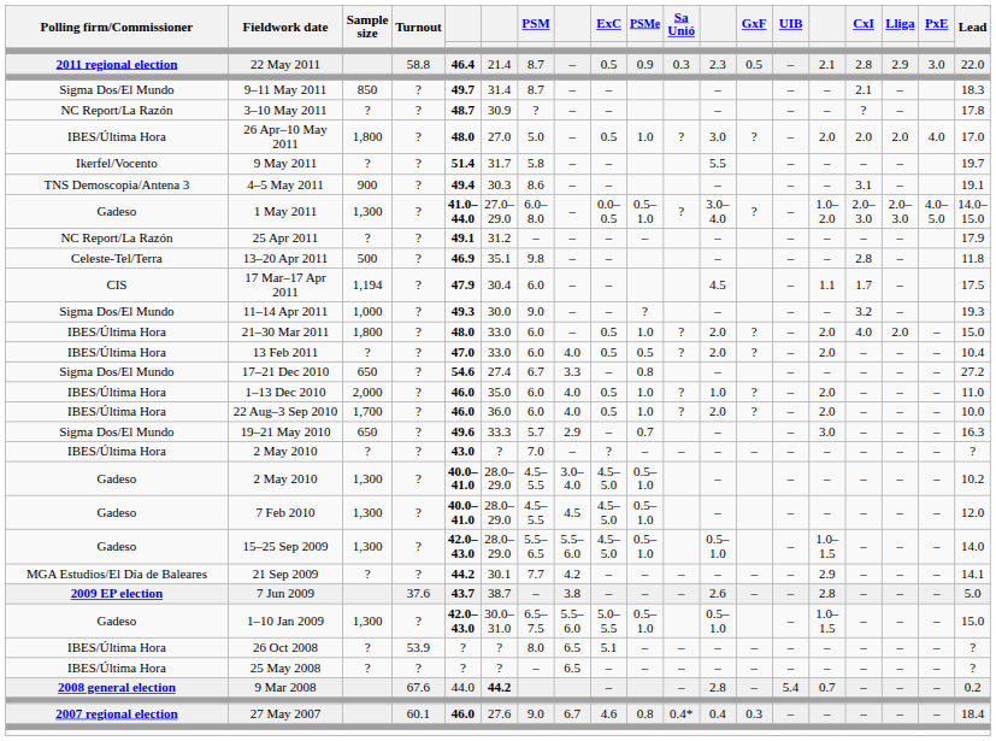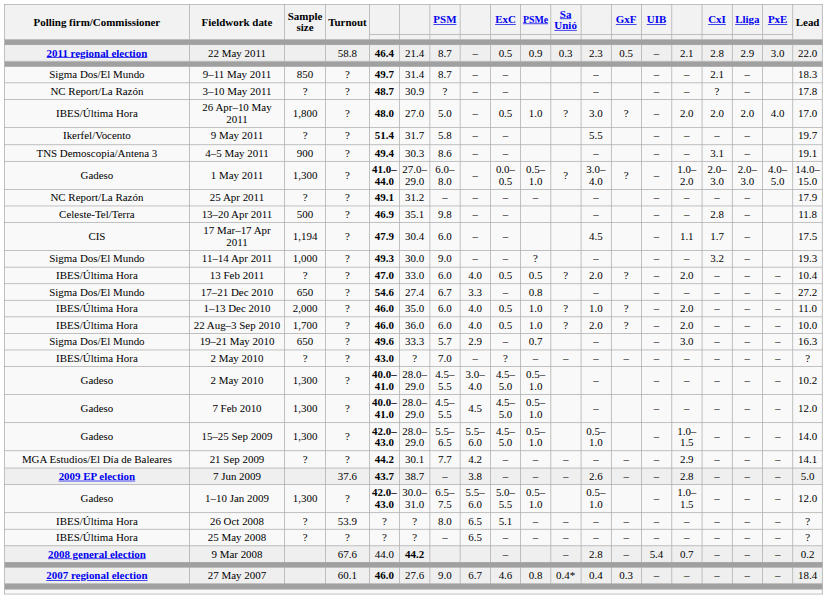 <table class="wikitable collapsible collapsed" style="text-align:center; font-size:95%; line-height:16px;">
 <tr style="height:42px;">
 <th style="width:250px;" rowspan="2">Polling firm/Commissioner</th>
 <th style="width:125px;" rowspan="2">Fieldwork date</th>
 <th style="width:50px;" rowspan="2">Sample size</th>
 <th style="width:45px;" rowspan="2">Turnout</th>
 <th style="width:35px;"></th>
 <th style="width:35px;"></th>
 <th style="width:35px;"><a href='#'>PSM</a></th>
 <th style="width:35px;"></th>
 <th style="width:35px;"><a href='#'>ExC</a></th>
 <th style="width:35px; font-size:90%;"><a href='#'>PSMe</a></th>
 <th style="width:35px;"><a href='#'>Sa<br>Unió</a></th>
 <th style="width:35px;"></th>
 <th style="width:35px;"><a href='#'>GxF</a></th>
 <th style="width:35px;"><a href='#'>UIB</a></th>
 <th style="width:35px;"></th>
 <th style="width:35px;"><a href='#'>CxI</a></th>
 <th style="width:35px;"><a href='#'>Lliga</a></th>
 <th style="width:35px;"><a href='#'>PxE</a></th>
 <th style="width:30px;" rowspan="2">Lead</th>
 </tr>
 <tr>
 <th style="color:inherit;background:"></th>
 <th style="color:inherit;background:"></th>
 <th style="color:inherit;background:"></th>
 <th style="color:inherit;background:"></th>
 <th style="color:inherit;background:"></th>
 <th style="color:inherit;background:"></th>
 <th style="color:inherit;background:"></th>
 <th style="color:inherit;background:"></th>
 <th style="color:inherit;background:"></th>
 <th style="color:inherit;background:"></th>
 <th style="color:inherit;background:"></th>
 <th style="color:inherit;background:"></th>
 <th style="color:inherit;background:"></th>
 <th style="color:inherit;background:"></th>
 </tr>
 <tr>
 <td colspan="19" style="background:#A0A0A0"></td>
 </tr>
 <tr style="background:#EFEFEF;">
 <td><strong><a href='#'>2011 regional election</a></strong></td>
 <td>22 May 2011</td>
 <td></td>
 <td>58.8</td>
 <td><strong>46.4</strong><br></td>
 <td>21.4<br></td>
 <td>8.7<br></td>
 <td>–</td>
 <td>0.5<br></td>
 <td>0.9<br></td>
 <td>0.3<br></td>
 <td>2.3<br></td>
 <td>0.5<br></td>
 <td>–</td>
 <td>2.1<br></td>
 <td>2.8<br></td>
 <td>2.9<br></td>
 <td>3.0<br></td>
 <td style="background:">22.0</td>
 </tr>
 <tr>
 <td colspan="19" style="background:#A0A0A0"></td>
 </tr>
 <tr>
 <td>Sigma Dos/El Mundo</td>
 <td>9–11 May 2011</td>
 <td>850</td>
 <td>?</td>
 <td><strong>49.7</strong><br></td>
 <td>31.4<br></td>
 <td>8.7<br></td>
 <td>–</td>
 <td>–</td>
 <td></td>
 <td></td>
 <td>–</td>
 <td></td>
 <td>–</td>
 <td>–</td>
 <td>2.1<br></td>
 <td>–</td>
 <td></td>
 <td style="background:">18.3</td>
 </tr>
 <tr>
 <td>NC Report/La Razón</td>
 <td>3–10 May 2011</td>
 <td>?</td>
 <td>?</td>
 <td><strong>48.7</strong><br></td>
 <td>30.9<br></td>
 <td>?<br></td>
 <td>–</td>
 <td>–</td>
 <td></td>
 <td></td>
 <td>–</td>
 <td></td>
 <td>–</td>
 <td>–</td>
 <td>?<br></td>
 <td>–</td>
 <td></td>
 <td style="background:">17.8</td>
 </tr>
 <tr>
 <td>IBES/Última Hora</td>
 <td>26 Apr–10 May 2011</td>
 <td>1,800</td>
 <td>?</td>
 <td><strong>48.0</strong><br></td>
 <td>27.0<br></td>
 <td>5.0<br></td>
 <td>–</td>
 <td>0.5<br></td>
 <td>1.0<br></td>
 <td>?<br></td>
 <td>3.0<br></td>
 <td>?<br></td>
 <td>–</td>
 <td>2.0<br></td>
 <td>2.0<br></td>
 <td>2.0<br></td>
 <td>4.0<br></td>
 <td style="background:">17.0</td>
 </tr>
 <tr>
 <td>Ikerfel/Vocento</td>
 <td>9 May 2011</td>
 <td>?</td>
 <td>?</td>
 <td><strong>51.4</strong><br></td>
 <td>31.7<br></td>
 <td>5.8<br></td>
 <td>–</td>
 <td>–</td>
 <td></td>
 <td></td>
 <td>5.5<br></td>
 <td></td>
 <td>–</td>
 <td>–</td>
 <td>–</td>
 <td>–</td>
 <td></td>
 <td style="background:">19.7</td>
 </tr>
 <tr>
 <td>TNS Demoscopia/Antena 3</td>
 <td>4–5 May 2011</td>
 <td>900</td>
 <td>?</td>
 <td><strong>49.4</strong><br></td>
 <td>30.3<br></td>
 <td>8.6<br></td>
 <td>–</td>
 <td>–</td>
 <td></td>
 <td></td>
 <td>–</td>
 <td></td>
 <td>–</td>
 <td>–</td>
 <td>3.1<br></td>
 <td>–</td>
 <td></td>
 <td style="background:">19.1</td>
 </tr>
 <tr>
 <td>Gadeso</td>
 <td>1 May 2011</td>
 <td>1,300</td>
 <td>?</td>
 <td><strong>41.0–<br>44.0</strong><br></td>
 <td>27.0–<br>29.0<br></td>
 <td>6.0–<br>8.0<br></td>
 <td>–</td>
 <td>0.0–<br>0.5<br></td>
 <td>0.5–<br>1.0<br></td>
 <td>?<br></td>
 <td>3.0–<br>4.0<br></td>
 <td>?<br></td>
 <td>–</td>
 <td>1.0–<br>2.0<br></td>
 <td>2.0–<br>3.0<br></td>
 <td>2.0–<br>3.0<br></td>
 <td>4.0–<br>5.0<br></td>
 <td style="background:">14.0–<br>15.0</td>
 </tr>
 <tr>
 <td>NC Report/La Razón</td>
 <td>25 Apr 2011</td>
 <td>?</td>
 <td>?</td>
 <td><strong>49.1</strong><br></td>
 <td>31.2<br></td>
 <td>–</td>
 <td>–</td>
 <td>–</td>
 <td>–</td>
 <td></td>
 <td>–</td>
 <td></td>
 <td>–</td>
 <td>–</td>
 <td>–</td>
 <td>–</td>
 <td></td>
 <td style="background:">17.9</td>
 </tr>
 <tr>
 <td>Celeste-Tel/Terra</td>
 <td>13–20 Apr 2011</td>
 <td>500</td>
 <td>?</td>
 <td><strong>46.9</strong><br></td>
 <td>35.1<br></td>
 <td>9.8<br></td>
 <td>–</td>
 <td>–</td>
 <td></td>
 <td></td>
 <td>–</td>
 <td></td>
 <td>–</td>
 <td>–</td>
 <td>2.8<br></td>
 <td>–</td>
 <td></td>
 <td style="background:">11.8</td>
 </tr>
 <tr>
 <td>CIS</td>
 <td>17 Mar–17 Apr 2011</td>
 <td>1,194</td>
 <td>?</td>
 <td><strong>47.9</strong><br></td>
 <td>30.4<br></td>
 <td>6.0<br></td>
 <td>–</td>
 <td>–</td>
 <td></td>
 <td></td>
 <td>4.5<br></td>
 <td></td>
 <td>–</td>
 <td>1.1<br></td>
 <td>1.7<br></td>
 <td>–</td>
 <td></td>
 <td style="background:">17.5</td>
 </tr>
 <tr>
 <td>Sigma Dos/El Mundo</td>
 <td>11–14 Apr 2011</td>
 <td>1,000</td>
 <td>?</td>
 <td><strong>49.3</strong><br></td>
 <td>30.0<br></td>
 <td>9.0<br></td>
 <td>–</td>
 <td>–</td>
 <td>?<br></td>
 <td></td>
 <td>–</td>
 <td></td>
 <td>–</td>
 <td>–</td>
 <td>3.2<br></td>
 <td>–</td>
 <td></td>
 <td style="background:">19.3</td>
 </tr>
 <tr>
 <td>IBES/Última Hora</td>
-<td>21–30 Mar 2011</td>
-<td>1,800</td>
-<td>?</td>
-<td><strong>48.0</strong><br></td>
-<td>33.0<br></td>
-<td>6.0<br></td>
-<td>–</td>
-<td>0.5<br></td>
-<td>1.0<br></td>
-<td>?<br></td>
-<td>2.0<br></td>
-<td>?<br></td>
-<td>–</td>
-<td>2.0<br></td>
-<td>4.0<br></td>
-<td>2.0<br></td>
-<td>–</td>
-<td style="background:">15.0</td>
-</tr>
-<tr>
-<td>IBES/Última Hora</td>
 <td>13 Feb 2011</td>
 <td>?</td>
 <td>?</td>
 <td><strong>47.0</strong><br></td>
 <td>33.0<br></td>
 <td>6.0<br></td>
 <td>4.0<br></td>
 <td>0.5<br></td>
 <td>0.5<br></td>
 <td>?<br></td>
 <td>2.0<br></td>
 <td>?<br></td>
 <td>–</td>
 <td>2.0<br></td>
 <td>–</td>
 <td>–</td>
 <td>–</td>
 <td style="background:">10.4</td>
 </tr>
 <tr>
 <td>Sigma Dos/El Mundo</td>
 <td>17–21 Dec 2010</td>
 <td>650</td>
 <td>?</td>
 <td><strong>54.6</strong><br></td>
 <td>27.4<br></td>
 <td>6.7<br></td>
 <td>3.3<br></td>
 <td>–</td>
 <td>0.8<br></td>
 <td></td>
 <td>–</td>
 <td></td>
 <td>–</td>
 <td>–</td>
 <td>–</td>
 <td>–</td>
 <td>–</td>
 <td style="background:">27.2</td>
 </tr>
 <tr>
 <td>IBES/Última Hora</td>
 <td>1–13 Dec 2010</td>
 <td>2,000</td>
 <td>?</td>
 <td><strong>46.0</strong><br></td>
 <td>35.0<br></td>
 <td>6.0<br></td>
 <td>4.0<br></td>
 <td>0.5<br></td>
 <td>1.0<br></td>
 <td>?<br></td>
 <td>1.0<br></td>
 <td>?<br></td>
 <td>–</td>
 <td>2.0<br></td>
 <td>–</td>
 <td>–</td>
 <td>–</td>
 <td style="background:">11.0</td>
 </tr>
 <tr>
 <td>IBES/Última Hora</td>
 <td>22 Aug–3 Sep 2010</td>
 <td>1,700</td>
 <td>?</td>
 <td><strong>46.0</strong><br></td>
 <td>36.0<br></td>
 <td>6.0<br></td>
 <td>4.0<br></td>
 <td>0.5<br></td>
 <td>1.0<br></td>
 <td>?<br></td>
 <td>2.0<br></td>
 <td>?<br></td>
 <td>–</td>
 <td>2.0<br></td>
 <td>–</td>
 <td>–</td>
 <td>–</td>
 <td style="background:">10.0</td>
 </tr>
 <tr>
 <td>Sigma Dos/El Mundo</td>
 <td>19–21 May 2010</td>
 <td>650</td>
 <td>?</td>
 <td><strong>49.6</strong><br></td>
 <td>33.3<br></td>
 <td>5.7<br></td>
 <td>2.9<br></td>
 <td>–</td>
 <td>0.7<br></td>
 <td></td>
 <td>–</td>
 <td></td>
 <td>–</td>
 <td>3.0<br></td>
 <td>–</td>
 <td>–</td>
 <td>–</td>
 <td style="background:">16.3</td>
 </tr>
 <tr>
 <td>IBES/Última Hora</td>
 <td>2 May 2010</td>
 <td>?</td>
 <td>?</td>
 <td><strong>43.0</strong><br></td>
 <td>?<br></td>
 <td>7.0<br></td>
 <td>–</td>
 <td>?<br></td>
 <td>–</td>
 <td>–</td>
 <td>–</td>
 <td>–</td>
 <td>–</td>
 <td>–</td>
 <td>–</td>
 <td>–</td>
 <td>–</td>
 <td style="background:">?</td>
 </tr>
 <tr>
 <td>Gadeso</td>
 <td>2 May 2010</td>
 <td>1,300</td>
 <td>?</td>
 <td><strong>40.0–<br>41.0</strong><br></td>
 <td>28.0–<br>29.0<br></td>
 <td>4.5–<br>5.5<br></td>
 <td>3.0–<br>4.0<br></td>
 <td>4.5–<br>5.0<br></td>
 <td>0.5–<br>1.0<br></td>
 <td></td>
 <td>–</td>
 <td></td>
 <td>–</td>
 <td>–</td>
 <td>–</td>
 <td>–</td>
 <td>–</td>
 <td style="background:">10.2</td>
 </tr>
 <tr>
 <td>Gadeso</td>
 <td>7 Feb 2010</td>
 <td>1,300</td>
 <td>?</td>
 <td><strong>40.0–<br>41.0</strong><br></td>
 <td>28.0–<br>29.0<br></td>
 <td>4.5–<br>5.5<br></td>
 <td>4.5<br></td>
 <td>4.5–<br>5.0<br></td>
 <td>0.5–<br>1.0<br></td>
 <td></td>
 <td>–</td>
 <td></td>
 <td>–</td>
 <td>–</td>
 <td>–</td>
 <td>–</td>
 <td>–</td>
 <td style="background:">12.0</td>
 </tr>
 <tr>
 <td>Gadeso</td>
 <td>15–25 Sep 2009</td>
 <td>1,300</td>
 <td>?</td>
 <td><strong>42.0–<br>43.0</strong><br></td>
 <td>28.0–<br>29.0<br></td>
 <td>5.5–<br>6.5<br></td>
 <td>5.5–<br>6.0<br></td>
 <td>4.5–<br>5.0<br></td>
 <td>0.5–<br>1.0<br></td>
 <td></td>
 <td>0.5–<br>1.0<br></td>
 <td></td>
 <td>–</td>
 <td>1.0–<br>1.5<br></td>
 <td>–</td>
 <td>–</td>
 <td>–</td>
 <td style="background:">14.0</td>
 </tr>
 <tr>
 <td>MGA Estudios/El Día de Baleares</td>
 <td>21 Sep 2009</td>
 <td>?</td>
 <td>?</td>
 <td><strong>44.2</strong></td>
 <td>30.1</td>
 <td>7.7</td>
 <td>4.2</td>
 <td>–</td>
 <td>–</td>
 <td>–</td>
 <td>–</td>
 <td>–</td>
 <td>–</td>
 <td>2.9</td>
 <td>–</td>
 <td>–</td>
 <td>–</td>
 <td style="background:">14.1</td>
 </tr>
 <tr style="background:#EFEFEF;">
 <td><strong><a href='#'>2009 EP election</a></strong></td>
 <td>7 Jun 2009</td>
 <td></td>
 <td>37.6</td>
 <td><strong>43.7</strong><br></td>
 <td>38.7<br></td>
 <td>–</td>
 <td>3.8<br></td>
 <td>–</td>
 <td>–</td>
 <td>–</td>
 <td>2.6<br></td>
 <td>–</td>
 <td>–</td>
 <td>2.8<br></td>
 <td>–</td>
 <td>–</td>
 <td>–</td>
 <td style="background:">5.0</td>
 </tr>
 <tr>
 <td>Gadeso</td>
 <td>1–10 Jan 2009</td>
 <td>1,300</td>
 <td>?</td>
 <td><strong>42.0–<br>43.0</strong><br></td>
 <td>30.0–<br>31.0<br></td>
 <td>6.5–<br>7.5<br></td>
 <td>5.5–<br>6.0<br></td>
 <td>5.0–<br>5.5<br></td>
 <td>0.5–<br>1.0<br></td>
 <td></td>
 <td>0.5–<br>1.0<br></td>
 <td></td>
 <td>–</td>
 <td>1.0–<br>1.5<br></td>
 <td>–</td>
 <td>–</td>
 <td>–</td>
-<td style="background:">15.0</td>
+<td style="background:">12.0</td>
 </tr>
 <tr>
 <td>IBES/Última Hora</td>
 <td>26 Oct 2008</td>
 <td>?</td>
 <td>53.9</td>
 <td>?<br></td>
 <td>?<br></td>
 <td>8.0<br></td>
 <td>6.5<br></td>
 <td>5.1<br></td>
 <td>–</td>
 <td>–</td>
 <td>–</td>
 <td>–</td>
 <td>–</td>
 <td>–</td>
 <td>–</td>
 <td>–</td>
 <td>–</td>
 <td style="background:">?</td>
 </tr>
 <tr>
 <td>IBES/Última Hora</td>
 <td>25 May 2008</td>
 <td>?</td>
 <td>?</td>
 <td>?<br></td>
 <td>?<br></td>
 <td>–</td>
 <td>6.5<br></td>
 <td>–</td>
 <td>–</td>
 <td>–</td>
 <td>–</td>
 <td>–</td>
 <td>–</td>
 <td>–</td>
 <td>–</td>
 <td>–</td>
 <td>–</td>
 <td style="background:">?</td>
 </tr>
 <tr style="background:#EFEFEF;">
 <td><strong><a href='#'>2008 general election</a></strong></td>
 <td>9 Mar 2008</td>
 <td></td>
 <td>67.6</td>
 <td>44.0</td>
 <td><strong>44.2</strong></td>
 <td></td>
 <td></td>
 <td>–</td>
 <td></td>
 <td>–</td>
 <td>2.8</td>
 <td>–</td>
 <td>5.4</td>
 <td>0.7</td>
 <td>–</td>
 <td>–</td>
 <td>–</td>
 <td style="background:">0.2</td>
 </tr>
 <tr>
 <td colspan="19" style="background:#A0A0A0"></td>
 </tr>
 <tr style="background:#EFEFEF;">
 <td><strong><a href='#'>2007 regional election</a></strong></td>
 <td>27 May 2007</td>
 <td></td>
 <td>60.1</td>
 <td><strong>46.0</strong><br></td>
 <td>27.6<br></td>
 <td>9.0<br></td>
 <td>6.7<br></td>
 <td>4.6<br></td>
 <td>0.8<br></td>
 <td>0.4*<br></td>
 <td>0.4<br></td>
 <td>0.3<br></td>
 <td>–</td>
 <td>–</td>
 <td>–</td>
 <td>–</td>
 <td>–</td>
 <td style="background:">18.4</td>
 </tr>
 <tr>
 <td colspan="19" style="background:#A0A0A0"></td>
 </tr>
 <tr>
 <td align="left" colspan="19"></td>
 </tr>
 </table>
